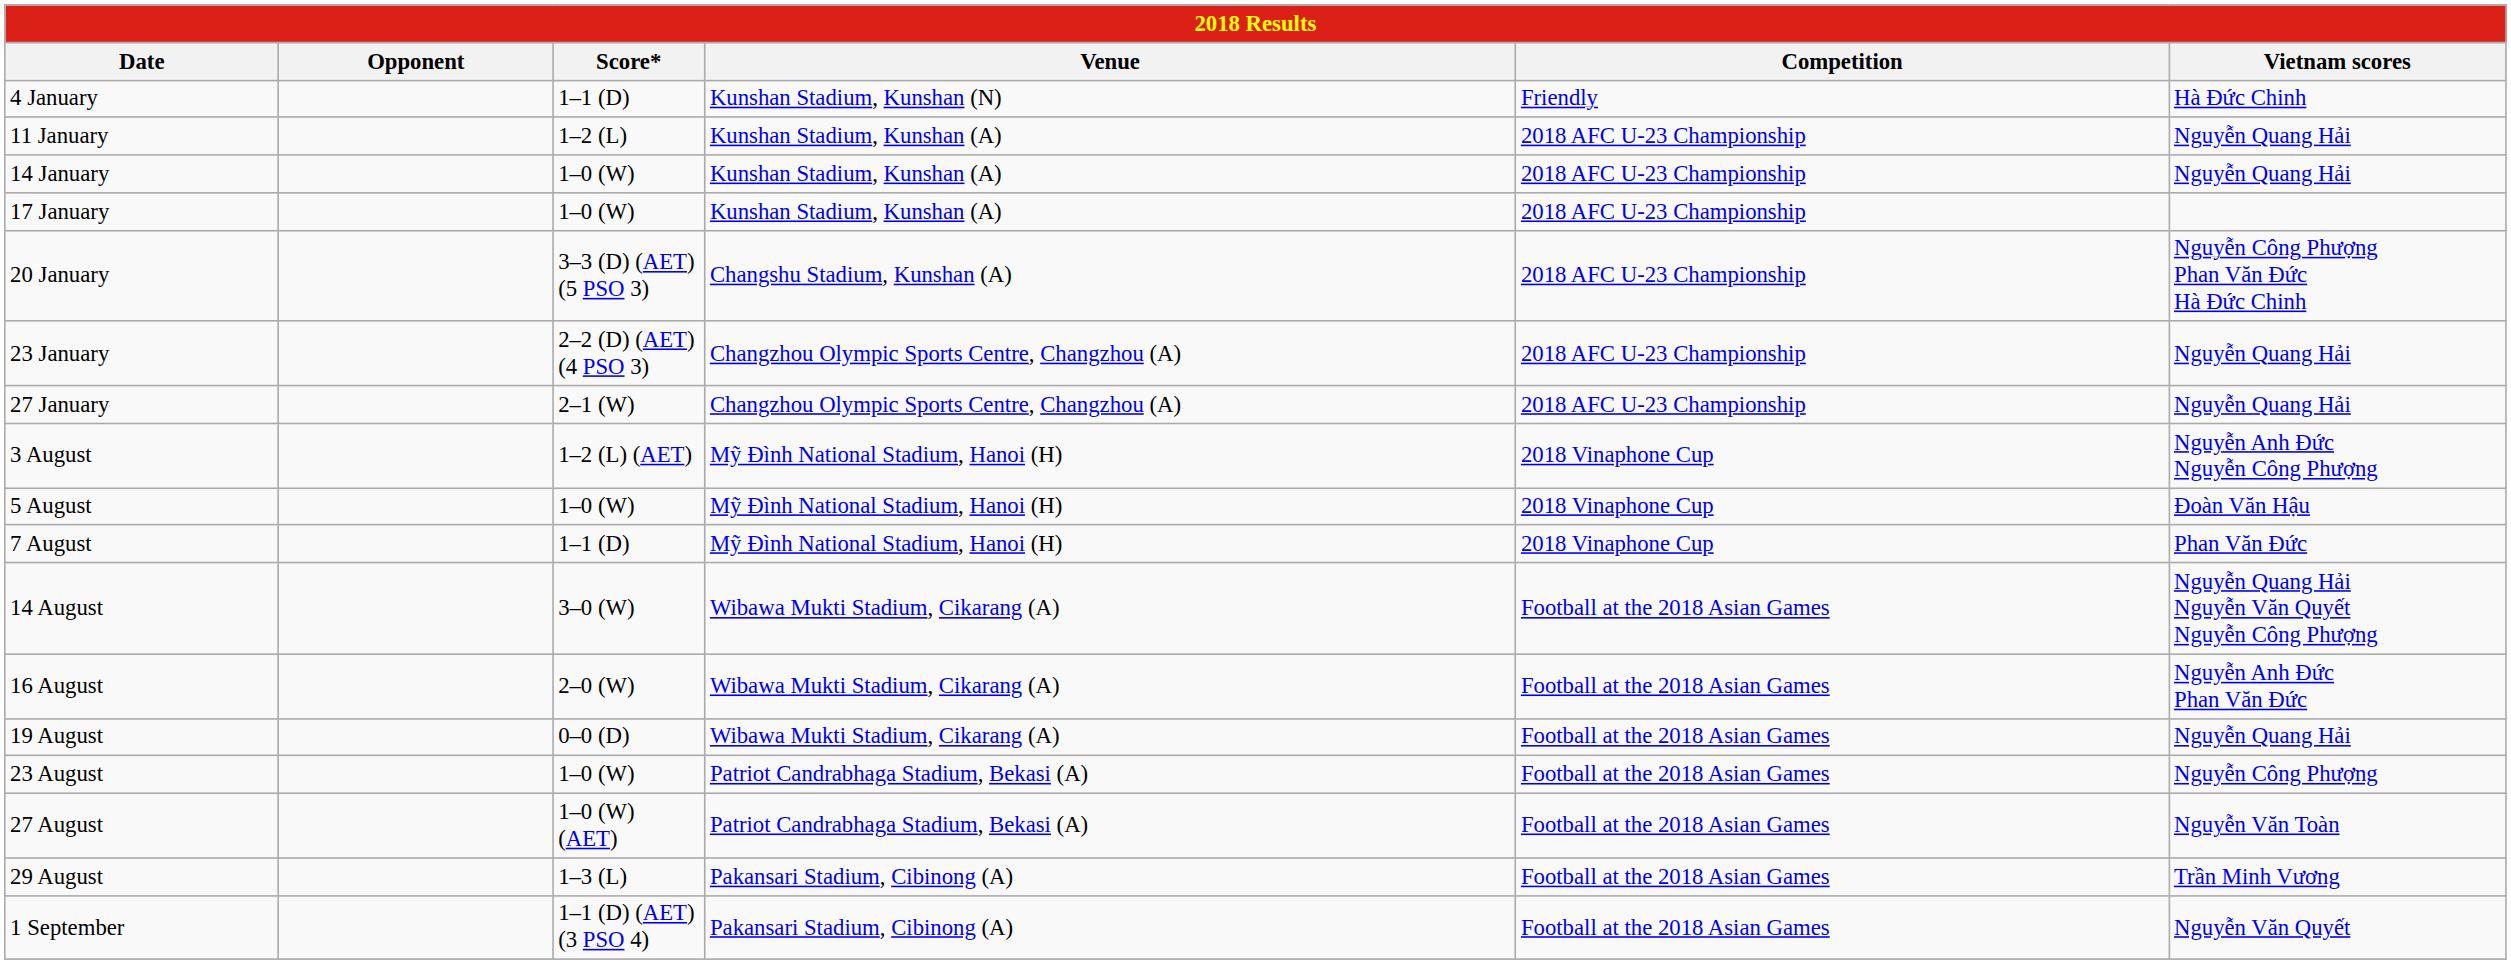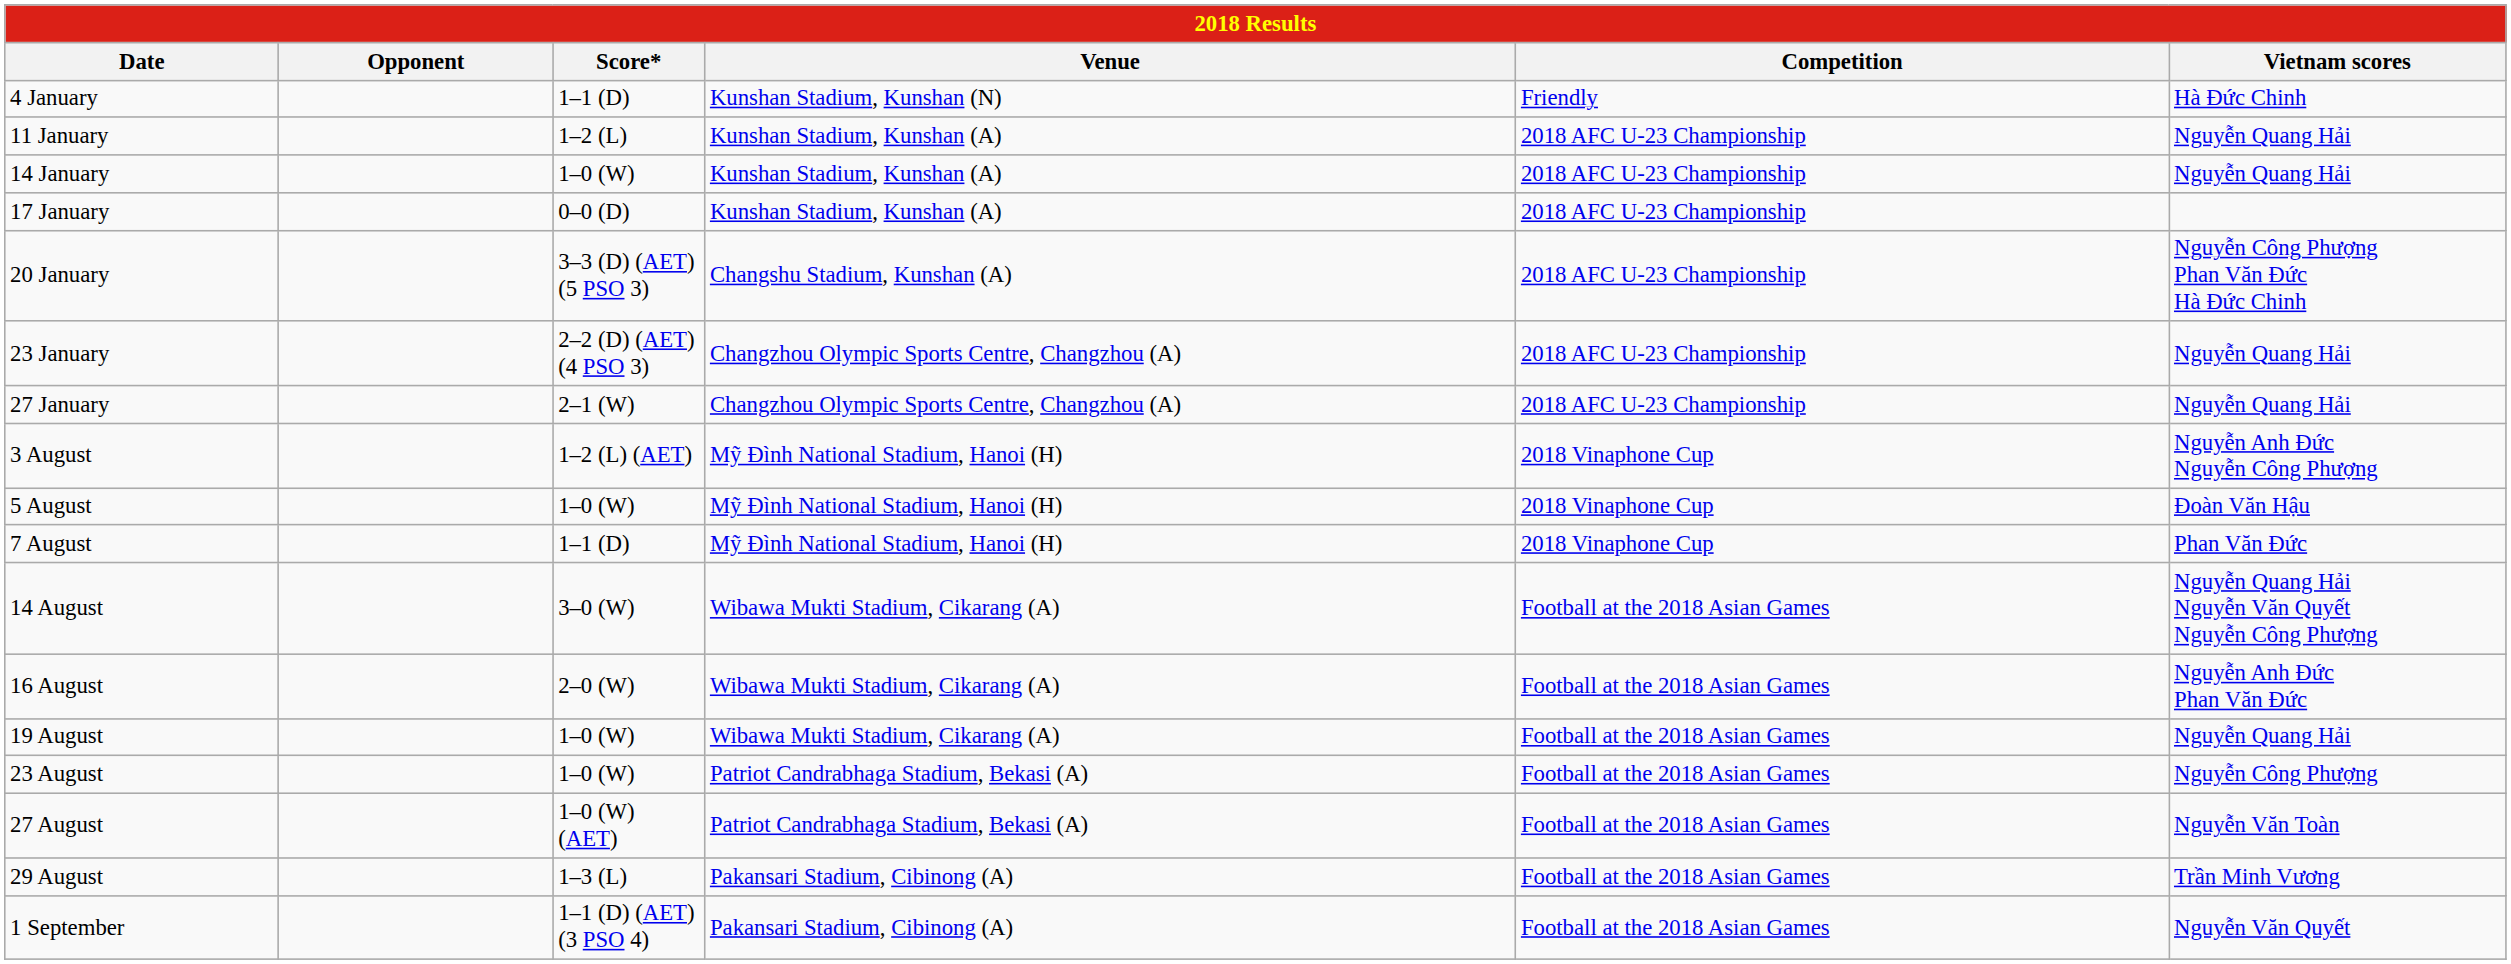 <table class="wikitable" width=100% style="text-align:left;font-size:90%;">
 <tr>
 <th colspan=9 style="background: #DB2017; color: #FFFF00;">2018 Results</th>
 </tr>
 <tr>
 <th width=80>Date</th>
 <th width=80>Opponent</th>
 <th width=20>Score*</th>
 <th width=250>Venue</th>
 <th width=200>Competition</th>
 <th width=100>Vietnam scores</th>
 </tr>
 <tr>
 <td>4 January</td>
 <td></td>
 <td>1–1 (D)</td>
 <td><a href='#'>Kunshan Stadium</a>, <a href='#'>Kunshan</a> (N)</td>
 <td><a href='#'>Friendly</a></td>
 <td><a href='#'>Hà Đức Chinh</a> </td>
 </tr>
 <tr>
 <td>11 January</td>
 <td></td>
 <td>1–2 (L)</td>
 <td><a href='#'>Kunshan Stadium</a>, <a href='#'>Kunshan</a> (A)</td>
 <td><a href='#'>2018 AFC U-23 Championship</a></td>
 <td><a href='#'>Nguyễn Quang Hải</a> </td>
 </tr>
 <tr>
 <td>14 January</td>
 <td></td>
 <td>1–0 (W)</td>
 <td><a href='#'>Kunshan Stadium</a>, <a href='#'>Kunshan</a> (A)</td>
 <td><a href='#'>2018 AFC U-23 Championship</a></td>
 <td><a href='#'>Nguyễn Quang Hải</a> </td>
 </tr>
 <tr>
 <td>17 January</td>
 <td></td>
-<td>1–0 (W)</td>
+<td>0–0 (D)</td>
 <td><a href='#'>Kunshan Stadium</a>, <a href='#'>Kunshan</a> (A)</td>
 <td><a href='#'>2018 AFC U-23 Championship</a></td>
 <td></td>
 </tr>
 <tr>
 <td>20 January</td>
 <td></td>
 <td>3–3 (D) (<a href='#'>AET</a>)<br>(5 <a href='#'>PSO</a> 3)</td>
 <td><a href='#'>Changshu Stadium</a>, <a href='#'>Kunshan</a> (A)</td>
 <td><a href='#'>2018 AFC U-23 Championship</a></td>
 <td><a href='#'>Nguyễn Công Phượng</a> <br><a href='#'>Phan Văn Đức</a> <br><a href='#'>Hà Đức Chinh</a> </td>
 </tr>
 <tr>
 <td>23 January</td>
 <td></td>
 <td>2–2 (D) (<a href='#'>AET</a>)<br>(4 <a href='#'>PSO</a> 3)</td>
 <td><a href='#'>Changzhou Olympic Sports Centre</a>, <a href='#'>Changzhou</a> (A)</td>
 <td><a href='#'>2018 AFC U-23 Championship</a></td>
 <td><a href='#'>Nguyễn Quang Hải</a> </td>
 </tr>
 <tr>
 <td>27 January</td>
 <td></td>
 <td>2–1 (W)</td>
 <td><a href='#'>Changzhou Olympic Sports Centre</a>, <a href='#'>Changzhou</a> (A)</td>
 <td><a href='#'>2018 AFC U-23 Championship</a></td>
 <td><a href='#'>Nguyễn Quang Hải</a> </td>
 </tr>
 <tr>
 <td>3 August</td>
 <td></td>
 <td>1–2 (L) (<a href='#'>AET</a>)</td>
 <td><a href='#'>Mỹ Đình National Stadium</a>, <a href='#'>Hanoi</a> (H)</td>
 <td><a href='#'>2018 Vinaphone Cup</a></td>
 <td><a href='#'>Nguyễn Anh Đức</a> <br><a href='#'>Nguyễn Công Phượng</a> </td>
 </tr>
 <tr>
 <td>5 August</td>
 <td></td>
 <td>1–0 (W)</td>
 <td><a href='#'>Mỹ Đình National Stadium</a>, <a href='#'>Hanoi</a> (H)</td>
 <td><a href='#'>2018 Vinaphone Cup</a></td>
 <td><a href='#'>Đoàn Văn Hậu</a> </td>
 </tr>
 <tr>
 <td>7 August</td>
 <td></td>
 <td>1–1 (D)</td>
 <td><a href='#'>Mỹ Đình National Stadium</a>, <a href='#'>Hanoi</a> (H)</td>
 <td><a href='#'>2018 Vinaphone Cup</a></td>
 <td><a href='#'>Phan Văn Đức</a> </td>
 </tr>
 <tr>
 <td>14 August</td>
 <td></td>
 <td>3–0 (W)</td>
 <td><a href='#'>Wibawa Mukti Stadium</a>, <a href='#'>Cikarang</a> (A)</td>
 <td><a href='#'>Football at the 2018 Asian Games</a></td>
 <td><a href='#'>Nguyễn Quang Hải</a> <br><a href='#'>Nguyễn Văn Quyết</a> <br><a href='#'>Nguyễn Công Phượng</a> </td>
 </tr>
 <tr>
 <td>16 August</td>
 <td></td>
 <td>2–0 (W)</td>
 <td><a href='#'>Wibawa Mukti Stadium</a>, <a href='#'>Cikarang</a> (A)</td>
 <td><a href='#'>Football at the 2018 Asian Games</a></td>
 <td><a href='#'>Nguyễn Anh Đức</a> <br><a href='#'>Phan Văn Đức</a> </td>
 </tr>
 <tr>
 <td>19 August</td>
 <td></td>
-<td>0–0 (D)</td>
+<td>1–0 (W)</td>
 <td><a href='#'>Wibawa Mukti Stadium</a>, <a href='#'>Cikarang</a> (A)</td>
 <td><a href='#'>Football at the 2018 Asian Games</a></td>
 <td><a href='#'>Nguyễn Quang Hải</a> </td>
 </tr>
 <tr>
 <td>23 August</td>
 <td></td>
 <td>1–0 (W)</td>
 <td><a href='#'>Patriot Candrabhaga Stadium</a>, <a href='#'>Bekasi</a> (A)</td>
 <td><a href='#'>Football at the 2018 Asian Games</a></td>
 <td><a href='#'>Nguyễn Công Phượng</a> </td>
 </tr>
 <tr>
 <td>27 August</td>
 <td></td>
 <td>1–0 (W) (<a href='#'>AET</a>)</td>
 <td><a href='#'>Patriot Candrabhaga Stadium</a>, <a href='#'>Bekasi</a> (A)</td>
 <td><a href='#'>Football at the 2018 Asian Games</a></td>
 <td><a href='#'>Nguyễn Văn Toàn</a> </td>
 </tr>
 <tr>
 <td>29 August</td>
 <td></td>
 <td>1–3 (L)</td>
 <td><a href='#'>Pakansari Stadium</a>, <a href='#'>Cibinong</a> (A)</td>
 <td><a href='#'>Football at the 2018 Asian Games</a></td>
 <td><a href='#'>Trần Minh Vương</a> </td>
 </tr>
 <tr>
 <td>1 September</td>
 <td></td>
 <td>1–1 (D) (<a href='#'>AET</a>)<br>(3 <a href='#'>PSO</a> 4)</td>
 <td><a href='#'>Pakansari Stadium</a>, <a href='#'>Cibinong</a> (A)</td>
 <td><a href='#'>Football at the 2018 Asian Games</a></td>
 <td><a href='#'>Nguyễn Văn Quyết</a> </td>
 </tr>
 </table>
